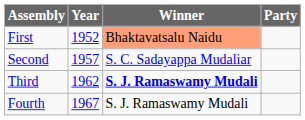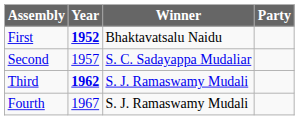 <table class="wikitable sortable">
 <tr>
 <th style="background-color:#666666; color:white">Assembly</th>
 <th style="background-color:#666666; color:white">Year</th>
 <th style="background-color:#666666; color:white">Winner</th>
 <th style="background-color:#666666; color:white" colspan="2">Party</th>
 </tr>
 <tr>
 <td><a href='#'>First</a></td>
-<td><a href='#'>1952</a></td>
-<td style="background: lightsalmon;">Bhaktavatsalu Naidu</td>
+<td><strong><a href='#'>1952</a></strong></td>
+<td>Bhaktavatsalu Naidu</td>
 <td></td>
 </tr>
 <tr>
 <td><a href='#'>Second</a></td>
 <td><a href='#'>1957</a></td>
 <td><a href='#'>S. C. Sadayappa Mudaliar</a></td>
 <td></td>
 </tr>
 <tr>
 <td><a href='#'>Third</a></td>
-<td><a href='#'>1962</a></td>
-<td><strong><a href='#'>S. J. Ramaswamy Mudali</a></strong></td>
+<td><strong><a href='#'>1962</a></strong></td>
+<td><a href='#'>S. J. Ramaswamy Mudali</a></td>
 <td></td>
 </tr>
 <tr>
 <td><a href='#'>Fourth</a></td>
 <td><a href='#'>1967</a></td>
 <td>S. J. Ramaswamy Mudali</td>
 <td></td>
 </tr>
 </table>
